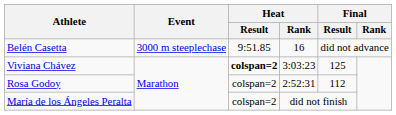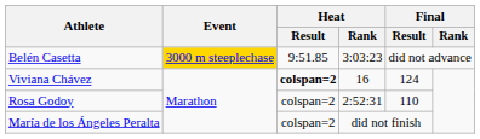 <table class="wikitable" style="font-size:90%">
 <tr>
 <th rowspan="2">Athlete</th>
 <th rowspan="2">Event</th>
 <th colspan="2">Heat</th>
 <th colspan="2">Final</th>
 </tr>
 <tr style="font-size:95%">
 <th>Result</th>
 <th>Rank</th>
 <th>Result</th>
 <th>Rank</th>
 </tr>
 <tr align=center>
 <td align=left><a href='#'>Belén Casetta</a></td>
-<td align=left><a href='#'>3000 m steeplechase</a></td>
+<td align=left style="background: gold;"><a href='#'>3000 m steeplechase</a></td>
 <td>9:51.85</td>
-<td>16</td>
+<td>3:03:23</td>
 <td colspan=2>did not advance</td>
 </tr>
 <tr align=center>
 <td align=left><a href='#'>Viviana Chávez</a></td>
 <td align=left rowspan=3><a href='#'>Marathon</a></td>
 <td><strong>colspan=2 </strong></td>
-<td>3:03:23</td>
-<td>125</td>
+<td>16</td>
+<td>124</td>
 </tr>
 <tr align=center>
 <td align=left><a href='#'>Rosa Godoy</a></td>
 <td>colspan=2 </td>
 <td>2:52:31</td>
-<td>112</td>
+<td>110</td>
 </tr>
 <tr align=center>
 <td align=left><a href='#'>María de los Ángeles Peralta</a></td>
 <td>colspan=2 </td>
 <td colspan=2>did not finish</td>
 </tr>
 </table>
